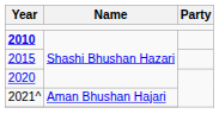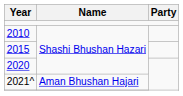 <table class="wikitable sortable">
 <tr>
 <th>Year</th>
 <th>Name</th>
 <th colspan="2">Party</th>
 </tr>
 <tr>
 <td colspan=4></td>
 </tr>
 <tr>
-<td><strong><a href='#'>2010</a></strong></td>
+<td><a href='#'>2010</a></td>
 <td rowspan="3"><a href='#'>Shashi Bhushan Hazari</a></td>
 <td></td>
 </tr>
 <tr>
 <td><a href='#'>2015</a></td>
 <td></td>
 </tr>
 <tr>
 <td><a href='#'>2020</a></td>
 </tr>
 <tr>
 <td>2021^</td>
 <td><a href='#'>Aman Bhushan Hajari</a></td>
 </tr>
 <tr>
 </tr>
 </table>
